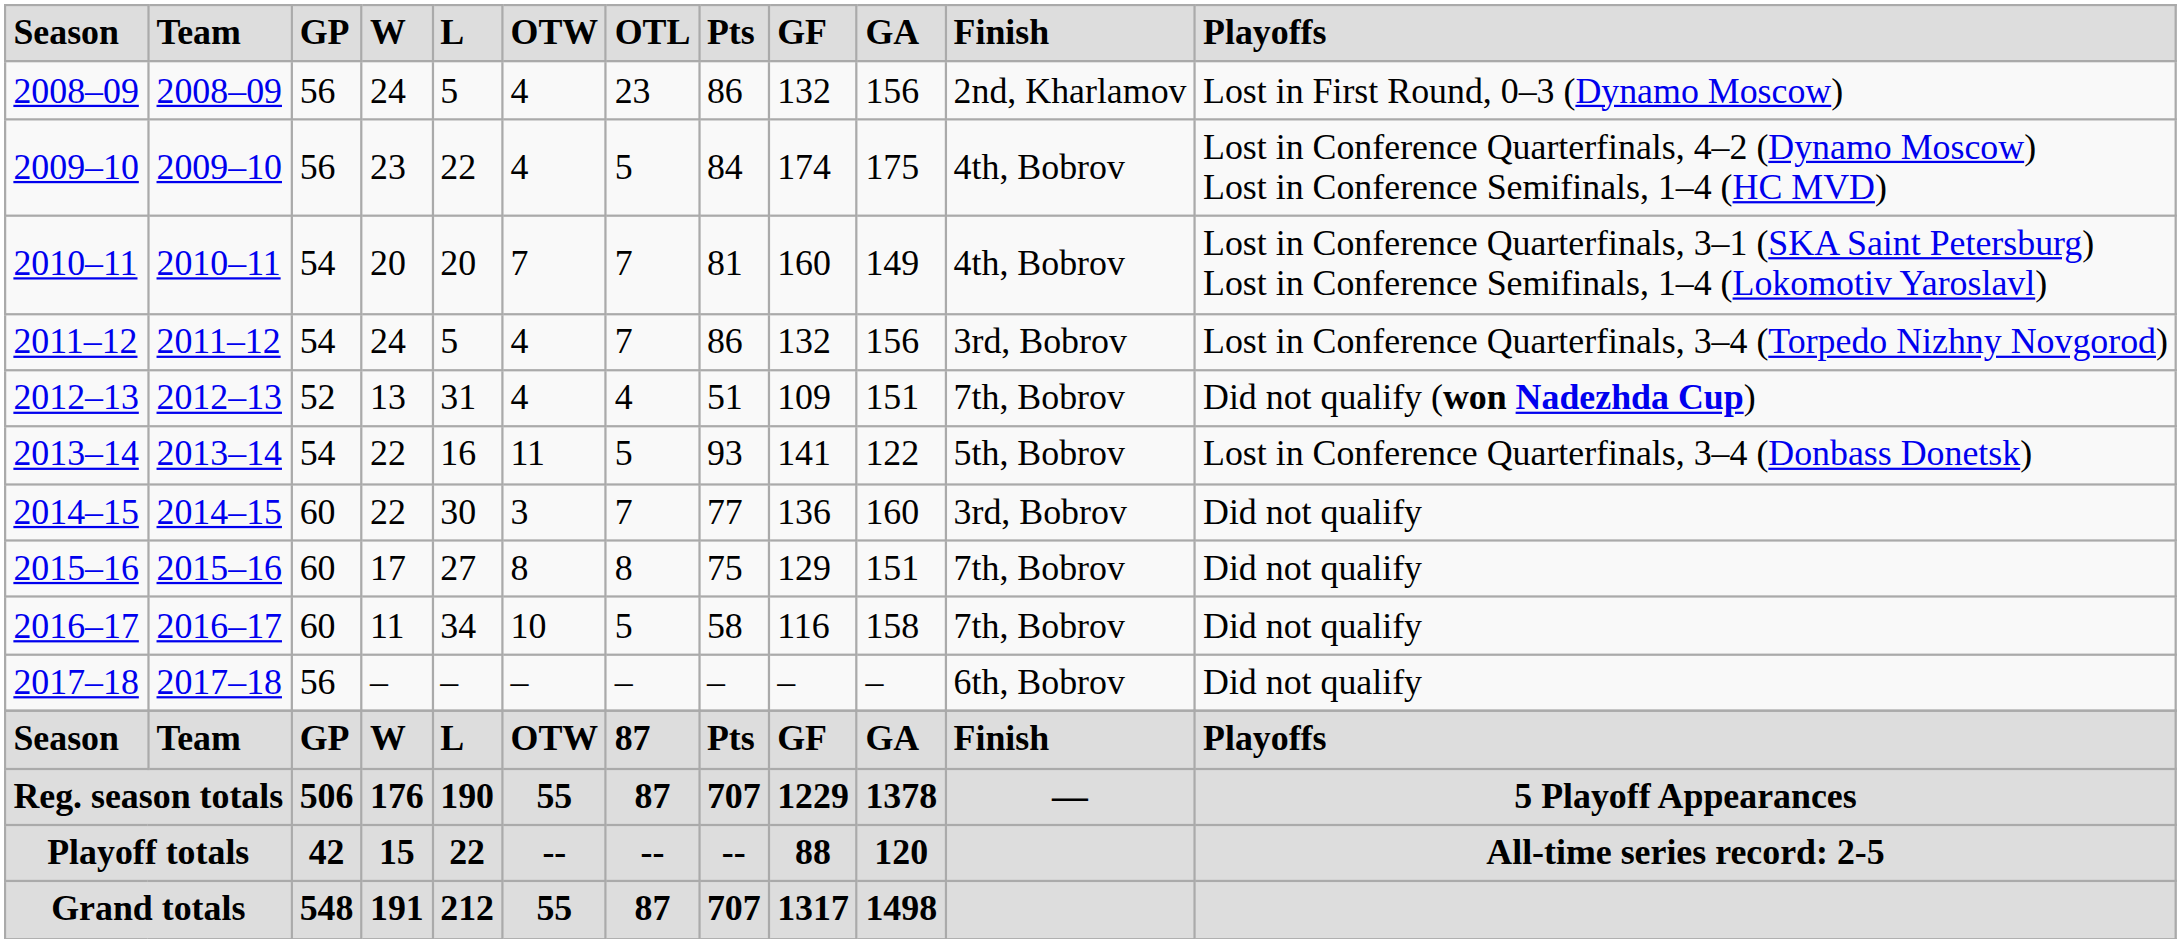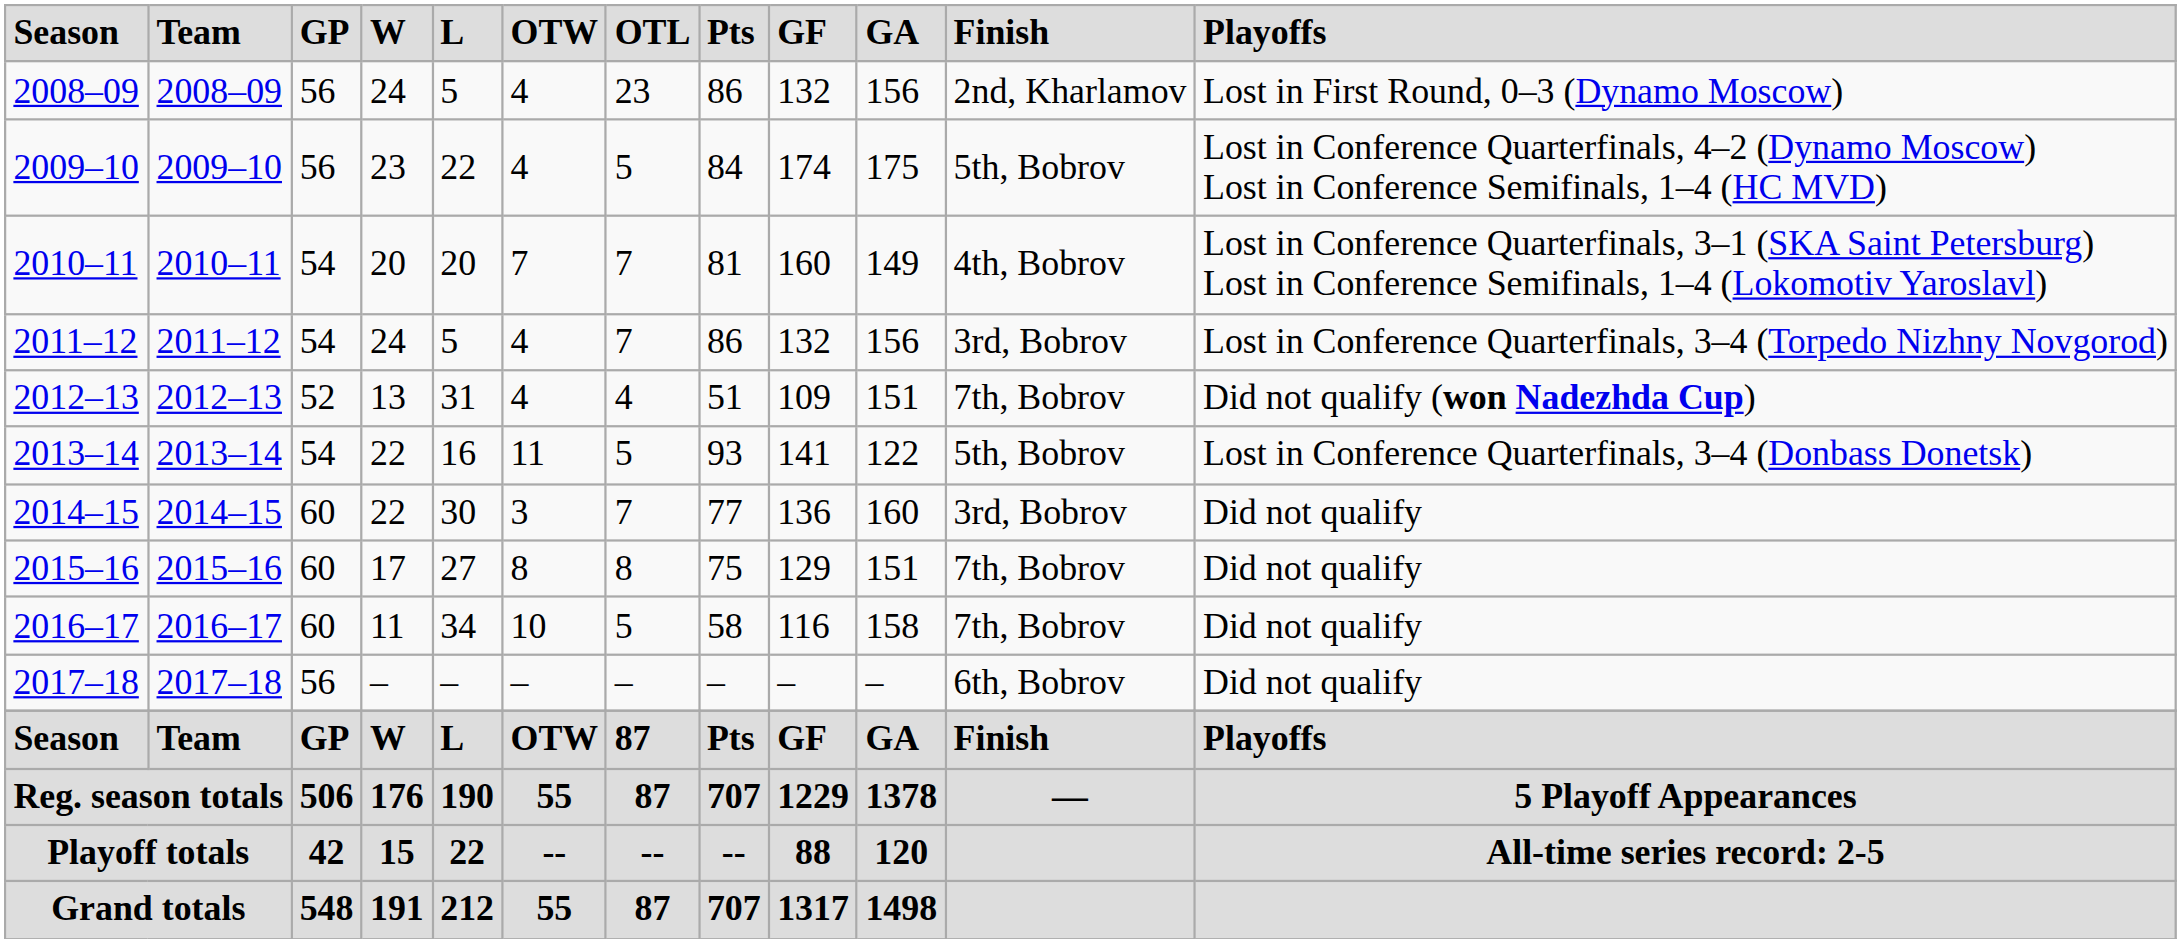 <table class="wikitable">
 <tr style="font-weight:bold; background-color:#dddddd;" |>
 <td><strong>Season</strong></td>
 <td><strong>Team</strong></td>
 <td><strong>GP</strong></td>
 <td><strong>W</strong></td>
 <td><strong>L</strong></td>
 <td><strong>OTW</strong></td>
 <td><strong>OTL</strong></td>
 <td><strong>Pts</strong></td>
 <td><strong>GF</strong></td>
 <td><strong>GA</strong></td>
 <td><strong>Finish</strong></td>
 <td><strong>Playoffs</strong></td>
 </tr>
 <tr>
 <td><a href='#'>2008–09</a></td>
 <td><a href='#'>2008–09</a></td>
 <td>56</td>
 <td>24</td>
 <td>5</td>
 <td>4</td>
 <td>23</td>
 <td>86</td>
 <td>132</td>
 <td>156</td>
 <td>2nd, Kharlamov</td>
 <td>Lost in First Round, 0–3 (<a href='#'>Dynamo Moscow</a>)</td>
 </tr>
 <tr>
 <td><a href='#'>2009–10</a></td>
 <td><a href='#'>2009–10</a></td>
 <td>56</td>
 <td>23</td>
 <td>22</td>
 <td>4</td>
 <td>5</td>
 <td>84</td>
 <td>174</td>
 <td>175</td>
-<td>4th, Bobrov</td>
+<td>5th, Bobrov</td>
 <td>Lost in Conference Quarterfinals, 4–2 (<a href='#'>Dynamo Moscow</a>)<br>Lost in Conference Semifinals, 1–4 (<a href='#'>HC MVD</a>)</td>
 </tr>
 <tr>
 <td><a href='#'>2010–11</a></td>
 <td><a href='#'>2010–11</a></td>
 <td>54</td>
 <td>20</td>
 <td>20</td>
 <td>7</td>
 <td>7</td>
 <td>81</td>
 <td>160</td>
 <td>149</td>
 <td>4th, Bobrov</td>
 <td>Lost in Conference Quarterfinals, 3–1 (<a href='#'>SKA Saint Petersburg</a>)<br>Lost in Conference Semifinals, 1–4 (<a href='#'>Lokomotiv Yaroslavl</a>)</td>
 </tr>
 <tr>
 <td><a href='#'>2011–12</a></td>
 <td><a href='#'>2011–12</a></td>
 <td>54</td>
 <td>24</td>
 <td>5</td>
 <td>4</td>
 <td>7</td>
 <td>86</td>
 <td>132</td>
 <td>156</td>
 <td>3rd, Bobrov</td>
 <td>Lost in Conference Quarterfinals, 3–4 (<a href='#'>Torpedo Nizhny Novgorod</a>)</td>
 </tr>
 <tr>
 <td><a href='#'>2012–13</a></td>
 <td><a href='#'>2012–13</a></td>
 <td>52</td>
 <td>13</td>
 <td>31</td>
 <td>4</td>
 <td>4</td>
 <td>51</td>
 <td>109</td>
 <td>151</td>
 <td>7th, Bobrov</td>
 <td>Did not qualify (<strong>won <a href='#'>Nadezhda Cup</a></strong>)</td>
 </tr>
 <tr>
 <td><a href='#'>2013–14</a></td>
 <td><a href='#'>2013–14</a></td>
 <td>54</td>
 <td>22</td>
 <td>16</td>
 <td>11</td>
 <td>5</td>
 <td>93</td>
 <td>141</td>
 <td>122</td>
 <td>5th, Bobrov</td>
 <td>Lost in Conference Quarterfinals, 3–4  (<a href='#'>Donbass Donetsk</a>)</td>
 </tr>
 <tr>
 <td><a href='#'>2014–15</a></td>
 <td><a href='#'>2014–15</a></td>
 <td>60</td>
 <td>22</td>
 <td>30</td>
 <td>3</td>
 <td>7</td>
 <td>77</td>
 <td>136</td>
 <td>160</td>
 <td>3rd, Bobrov</td>
 <td>Did not qualify</td>
 </tr>
 <tr>
 <td><a href='#'>2015–16</a></td>
 <td><a href='#'>2015–16</a></td>
 <td>60</td>
 <td>17</td>
 <td>27</td>
 <td>8</td>
 <td>8</td>
 <td>75</td>
 <td>129</td>
 <td>151</td>
 <td>7th, Bobrov</td>
 <td>Did not qualify</td>
 </tr>
 <tr>
 <td><a href='#'>2016–17</a></td>
 <td><a href='#'>2016–17</a></td>
 <td>60</td>
 <td>11</td>
 <td>34</td>
 <td>10</td>
 <td>5</td>
 <td>58</td>
 <td>116</td>
 <td>158</td>
 <td>7th, Bobrov</td>
 <td>Did not qualify</td>
 </tr>
 <tr>
 <td><a href='#'>2017–18</a></td>
 <td><a href='#'>2017–18</a></td>
 <td>56</td>
 <td>–</td>
 <td>–</td>
 <td>–</td>
 <td>–</td>
 <td>–</td>
 <td>–</td>
 <td>–</td>
 <td>6th, Bobrov</td>
 <td>Did not qualify</td>
 </tr>
 <tr>
 </tr>
 <tr style="font-weight:bold; background-color:#dddddd;" |>
 <td><strong>Season</strong></td>
 <td><strong>Team</strong></td>
 <td><strong>GP</strong></td>
 <td><strong>W</strong></td>
 <td><strong>L</strong></td>
 <td><strong>OTW</strong></td>
 <td><strong>87</strong></td>
 <td><strong>Pts</strong></td>
 <td><strong>GF</strong></td>
 <td><strong>GA</strong></td>
 <td><strong>Finish</strong></td>
 <td><strong>Playoffs</strong></td>
 </tr>
 <tr align="center" style="font-weight:bold; background-color:#dddddd;" |>
 <td colspan="2">Reg. season totals</td>
 <td><strong>506</strong></td>
 <td><strong>176</strong></td>
 <td><strong>190</strong></td>
 <td><strong>55</strong></td>
 <td><strong>87</strong></td>
 <td><strong>707</strong></td>
 <td><strong>1229</strong></td>
 <td><strong>1378</strong></td>
 <td>—</td>
 <td>5 Playoff Appearances</td>
 </tr>
 <tr align="center" style="font-weight:bold; background-color:#dddddd;" |>
 <td colspan="2">Playoff totals</td>
 <td><strong>42</strong></td>
 <td><strong>15</strong></td>
 <td><strong>22</strong></td>
 <td><strong>--</strong></td>
 <td><strong>--</strong></td>
 <td><strong>--</strong></td>
 <td><strong>88</strong></td>
 <td><strong>120</strong></td>
 <td></td>
 <td><strong>All-time series record: 2-5</strong></td>
 </tr>
 <tr align="center" style="font-weight:bold; background-color:#dddddd;" |>
 <td colspan="2">Grand totals</td>
 <td><strong>548</strong></td>
 <td><strong>191</strong></td>
 <td><strong>212</strong></td>
 <td><strong>55</strong></td>
 <td><strong>87</strong></td>
 <td><strong>707</strong></td>
 <td><strong>1317</strong></td>
 <td><strong>1498</strong></td>
 <td></td>
 <td></td>
 </tr>
 </table>
